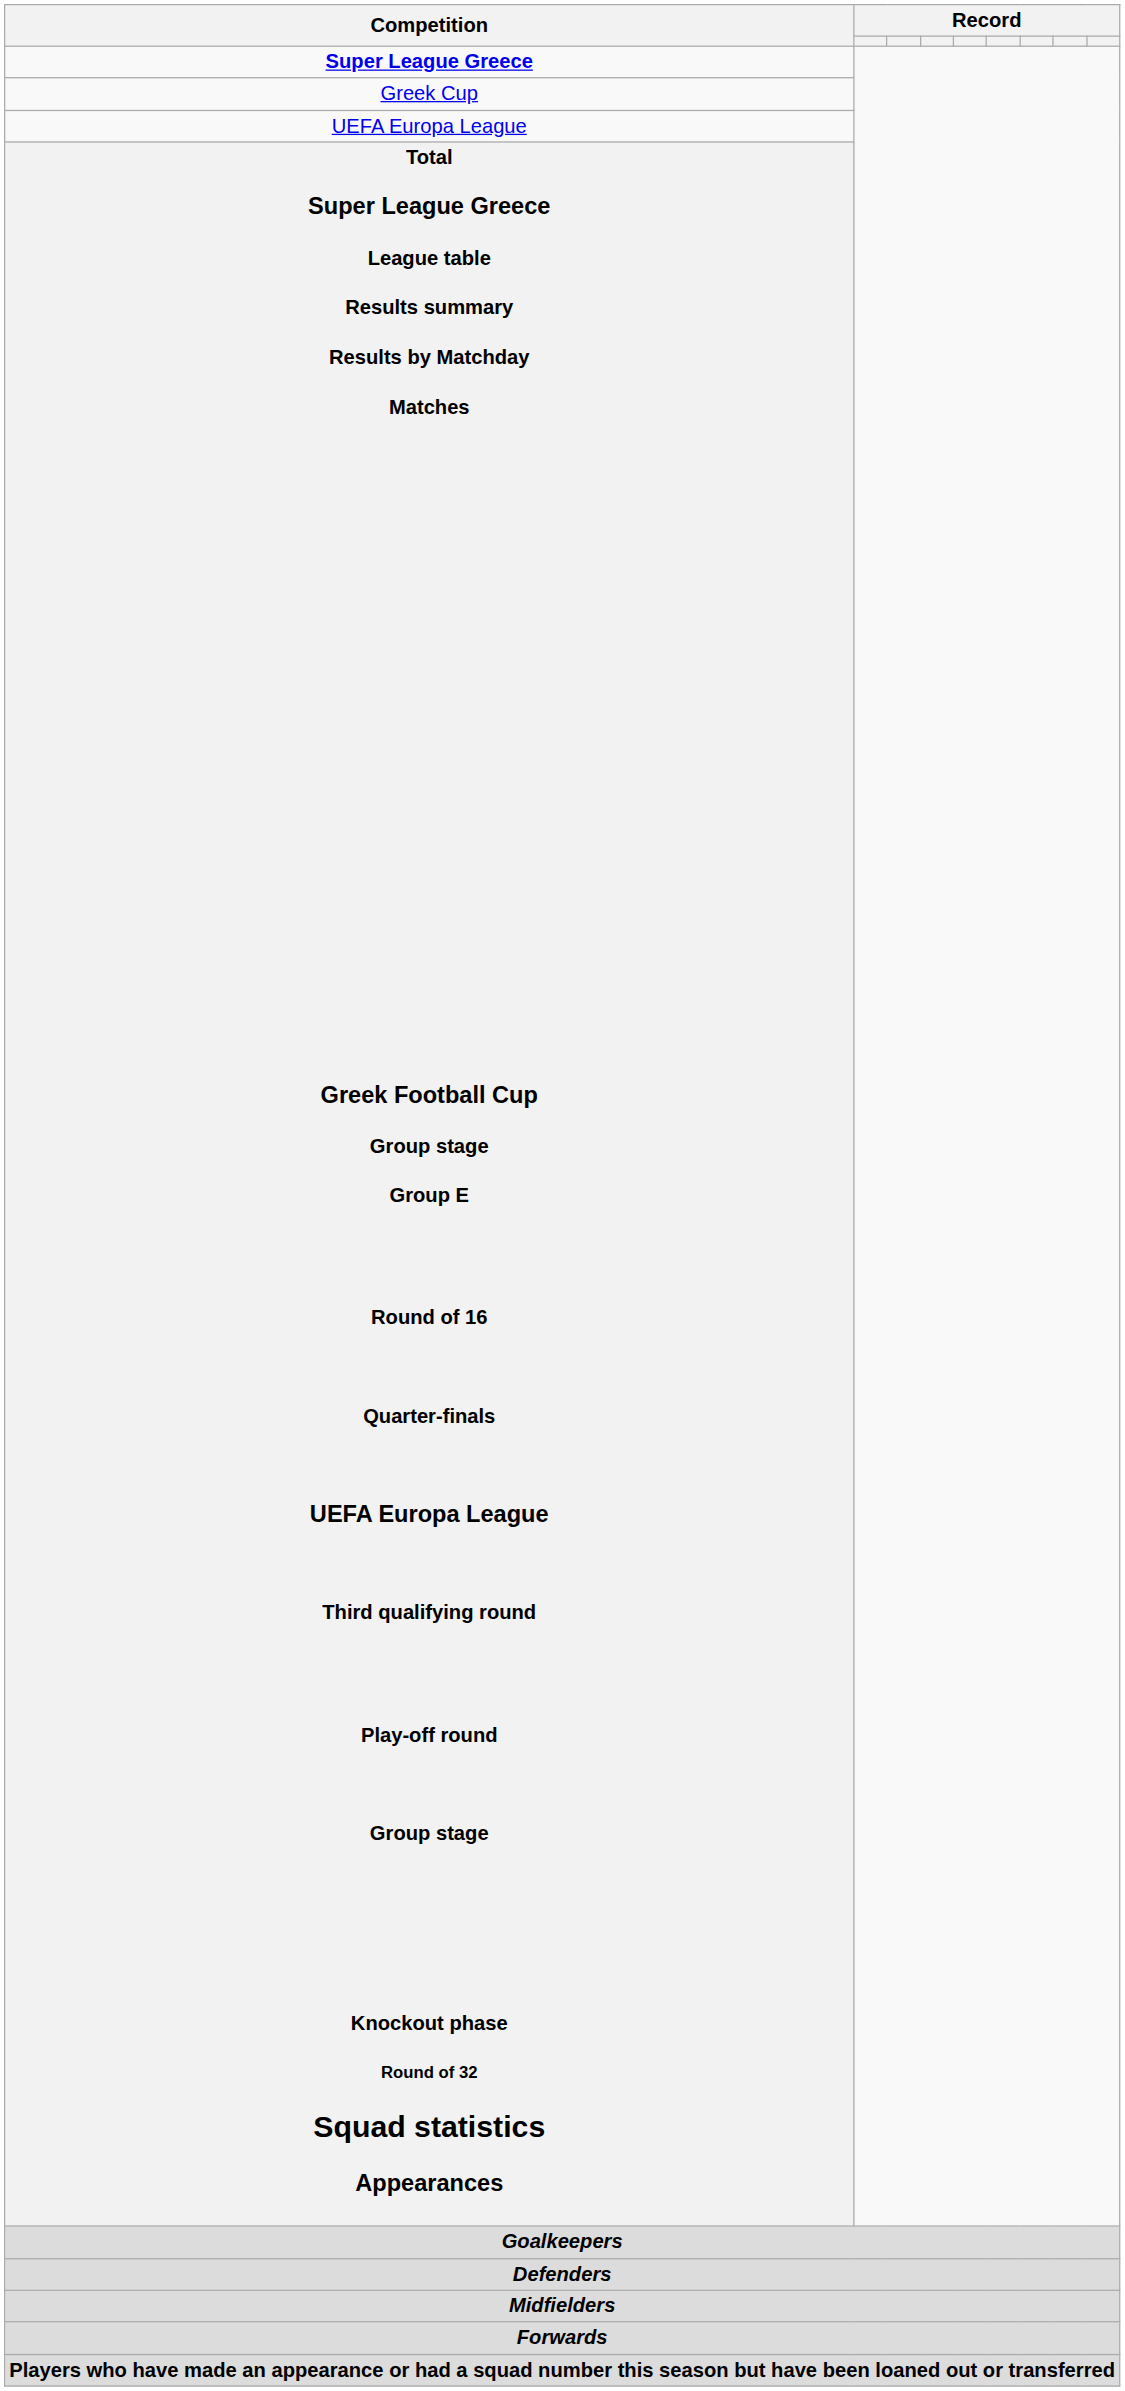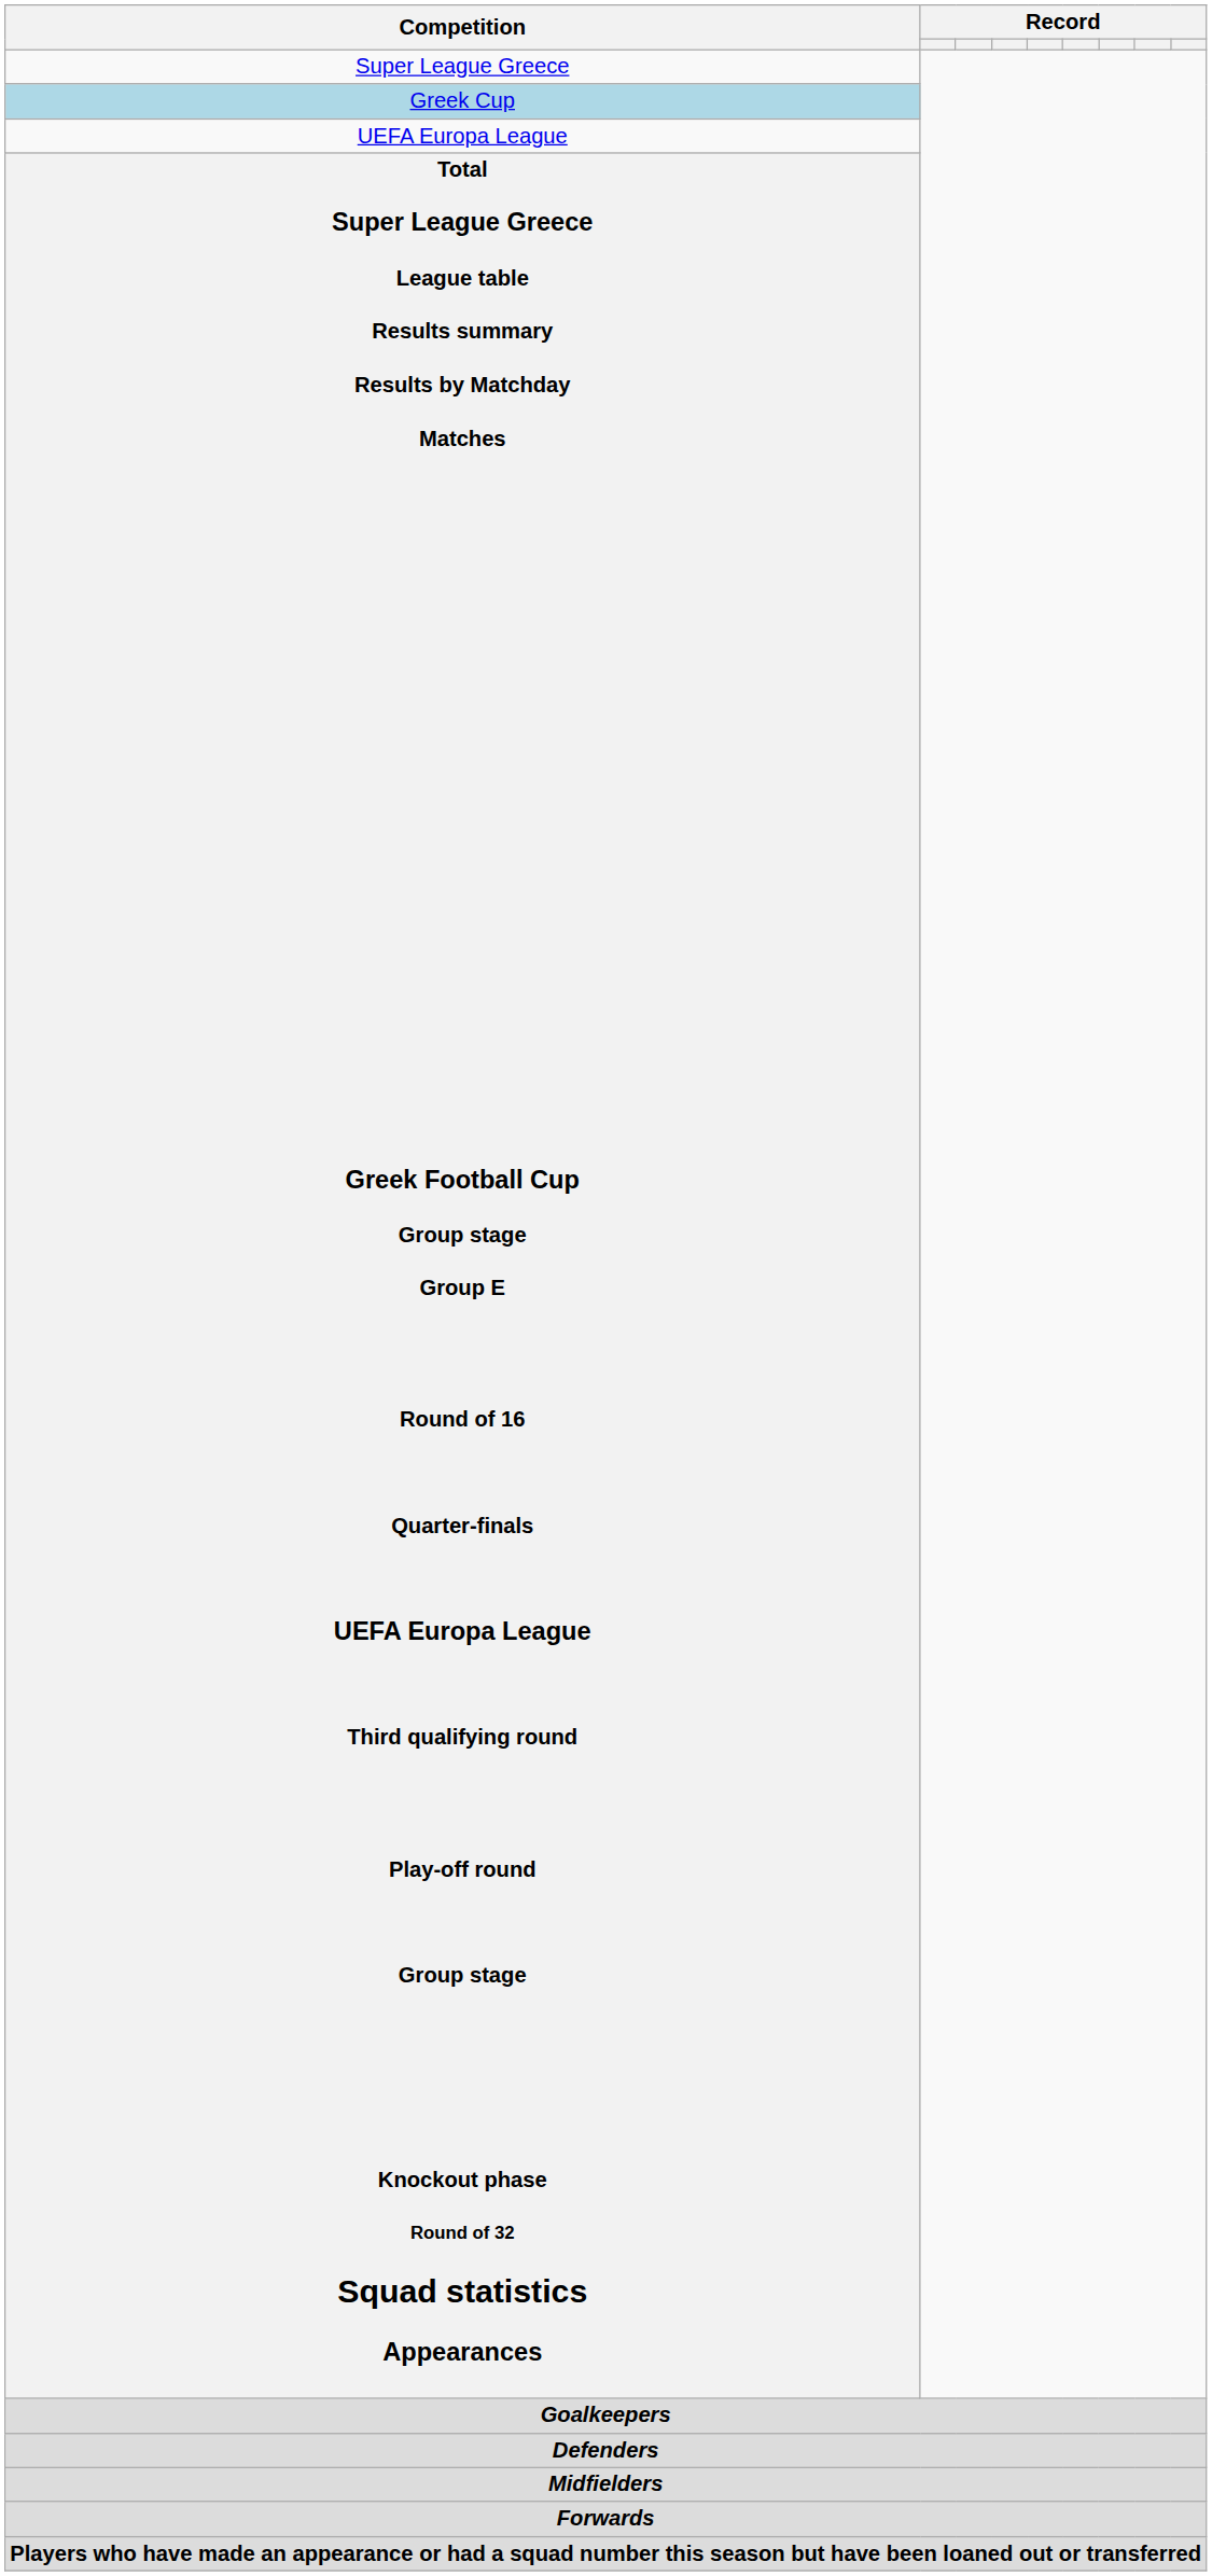 <table class="wikitable" style="text-align: center">
 <tr>
 <th rowspan=2>Competition</th>
 <th colspan=8>Record</th>
 </tr>
 <tr>
 <th></th>
 <th></th>
 <th></th>
 <th></th>
 <th></th>
 <th></th>
 <th></th>
 <th></th>
 </tr>
 <tr>
-<td><strong><a href='#'>Super League Greece</a><br></strong></td>
+<td><a href='#'>Super League Greece</a><br></td>
 </tr>
 <tr>
-<td><a href='#'>Greek Cup</a><br></td>
+<td style="background: lightblue;"><a href='#'>Greek Cup</a><br></td>
 </tr>
 <tr>
 <td><a href='#'>UEFA Europa League</a><br></td>
 </tr>
 <tr>
 <th>Total<br> <h3>Super League Greece</h3><h4>League table</h4><h4>Results summary</h4> <h4>Results by Matchday</h4><h4>Matches</h4>   <br><br><br><br><br><br><br><br><br><br><br>    <br><br><br><br><br><br><br><br><br><br><br><br><br><br><br><br><h3>Greek Football Cup</h3><h4>Group stage</h4><h4>Group E</h4> <br><br><h4>Round of 16</h4><br><h4>Quarter-finals</h4><br><h3>UEFA Europa League</h3><br>  <h4>Third qualifying round</h4><br><br><h4>Play-off round</h4><br><h4>Group stage</h4>  <br><br><br><br><br><h4>Knockout phase</h4><h5>Round of 32</h5> <h2>Squad statistics</h2><h3>Appearances</h3></th>
 </tr>
 <tr>
 <th colspan=14 style=background:#dcdcdc; text-align:center><em>Goalkeepers</em><br>  </th>
 </tr>
 <tr>
 <th colspan=14 style=background:#dcdcdc; text-align:center><em>Defenders</em><br>         </th>
 </tr>
 <tr>
 <th colspan=14 style=background:#dcdcdc; text-align:center><em>Midfielders</em><br>            </th>
 </tr>
 <tr>
 <th colspan=14 style=background:#dcdcdc; text-align:center><em>Forwards</em><br>    </th>
 </tr>
 <tr>
 <th colspan=14 style=background:#dcdcdc; text-align:center>Players who have made an appearance or had a squad number this season but have been loaned out or transferred<br>         </th>
 </tr>
 </table>
